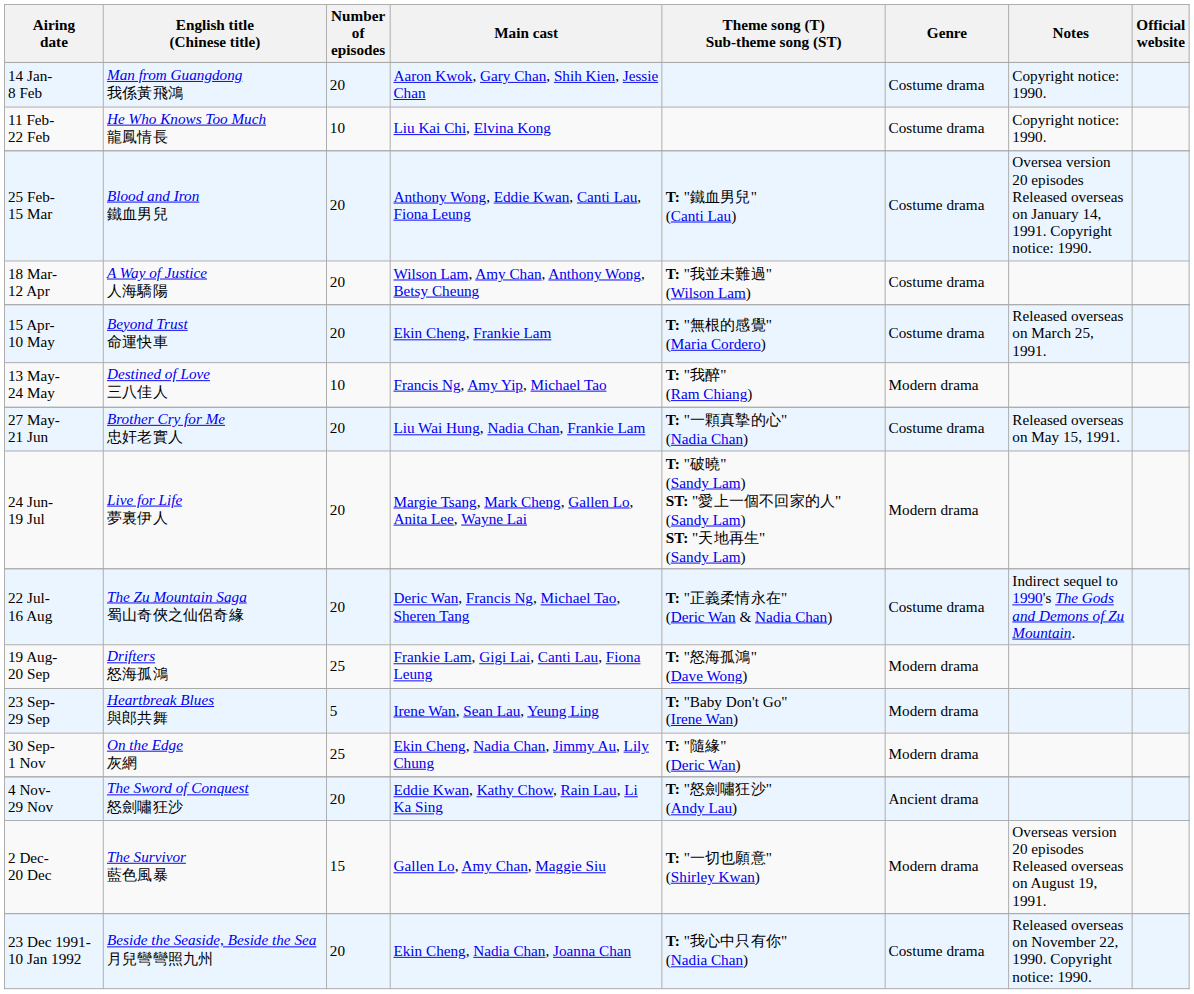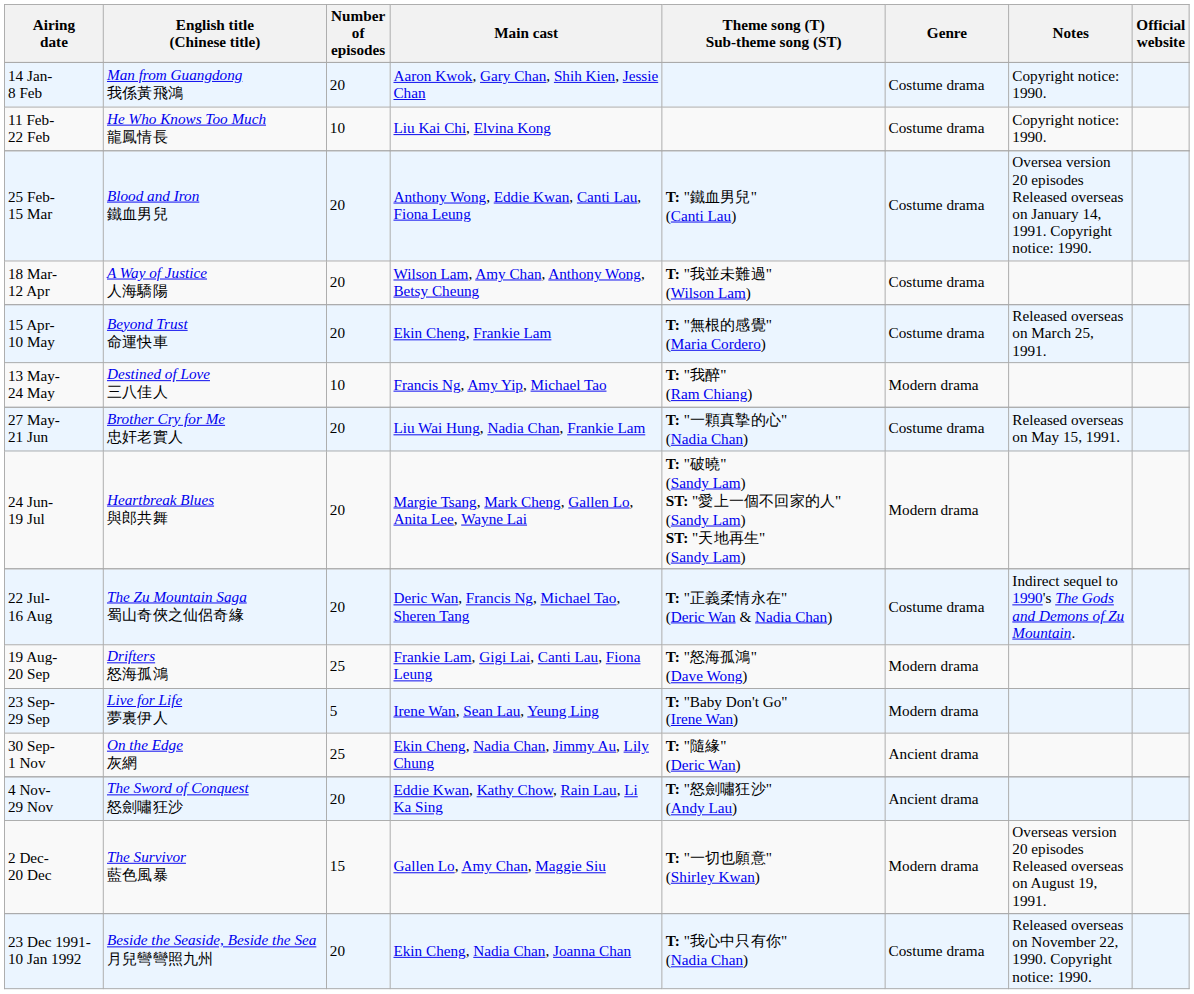 <table class="wikitable">
 <tr>
 <th align=center width=8% bgcolor="silver">Airing<br>date</th>
 <th align=center width=18% bgcolor="silver">English title <br> (Chinese title)</th>
 <th align=center width=5% bgcolor="silver">Number of episodes</th>
 <th align=center width=22% bgcolor="silver">Main cast</th>
 <th align=center width=18% bgcolor="silver">Theme song (T) <br>Sub-theme song (ST)</th>
 <th align=center width=10% bgcolor="silver">Genre</th>
 <th align=center width=10% bgcolor="silver">Notes</th>
 <th align=center width=1% bgcolor="silver">Official website</th>
 </tr>
 <tr>
 </tr>
 <tr ---- bgcolor="#ebf5ff">
 <td>14 Jan- <br> 8 Feb</td>
 <td><em><a href='#'>Man from Guangdong</a></em> <br> 我係黃飛鴻</td>
 <td>20</td>
 <td><a href='#'>Aaron Kwok</a>, <a href='#'>Gary Chan</a>, <a href='#'>Shih Kien</a>, <a href='#'>Jessie Chan</a></td>
 <td></td>
 <td>Costume drama</td>
 <td>Copyright notice: 1990.</td>
 <td></td>
 </tr>
 <tr>
 <td>11 Feb- <br> 22 Feb</td>
 <td><em><a href='#'>He Who Knows Too Much</a></em> <br> 龍鳳情長</td>
 <td>10</td>
 <td><a href='#'>Liu Kai Chi</a>, <a href='#'>Elvina Kong</a></td>
 <td></td>
 <td>Costume drama</td>
 <td>Copyright notice: 1990.</td>
 <td></td>
 </tr>
 <tr>
 </tr>
 <tr ---- bgcolor="#ebf5ff">
 <td>25 Feb- <br> 15 Mar</td>
 <td><em><a href='#'>Blood and Iron</a></em> <br> 鐵血男兒</td>
 <td>20</td>
 <td><a href='#'>Anthony Wong</a>, <a href='#'>Eddie Kwan</a>, <a href='#'>Canti Lau</a>, <a href='#'>Fiona Leung</a></td>
 <td><strong>T:</strong> "鐵血男兒" <br> (<a href='#'>Canti Lau</a>)</td>
 <td>Costume drama</td>
 <td>Oversea version 20 episodes Released overseas on January 14, 1991. Copyright notice: 1990.</td>
 <td></td>
 </tr>
 <tr>
 <td>18 Mar- <br> 12 Apr</td>
 <td><em><a href='#'>A Way of Justice</a></em> <br> 人海驕陽</td>
 <td>20</td>
 <td><a href='#'>Wilson Lam</a>, <a href='#'>Amy Chan</a>, <a href='#'>Anthony Wong</a>, <a href='#'>Betsy Cheung</a></td>
 <td><strong>T:</strong> "我並未難過" <br> (<a href='#'>Wilson Lam</a>)</td>
 <td>Costume drama</td>
 <td></td>
 <td></td>
 </tr>
 <tr>
 </tr>
 <tr ---- bgcolor="#ebf5ff">
 <td>15 Apr- <br> 10 May</td>
 <td><em><a href='#'>Beyond Trust</a></em> <br> 命運快車</td>
 <td>20</td>
 <td><a href='#'>Ekin Cheng</a>, <a href='#'>Frankie Lam</a></td>
 <td><strong>T:</strong> "無根的感覺" <br> (<a href='#'>Maria Cordero</a>)</td>
 <td>Costume drama</td>
 <td>Released overseas on March 25, 1991.</td>
 <td></td>
 </tr>
 <tr>
 <td>13 May- <br> 24 May</td>
 <td><em><a href='#'>Destined of Love</a></em> <br> 三八佳人</td>
 <td>10</td>
 <td><a href='#'>Francis Ng</a>, <a href='#'>Amy Yip</a>, <a href='#'>Michael Tao</a></td>
 <td><strong>T:</strong> "我醉" <br> (<a href='#'>Ram Chiang</a>)</td>
 <td>Modern drama</td>
 <td></td>
 <td></td>
 </tr>
 <tr>
 </tr>
 <tr ---- bgcolor="#ebf5ff">
 <td>27 May- <br> 21 Jun</td>
 <td><em><a href='#'>Brother Cry for Me</a></em> <br> 忠奸老實人</td>
 <td>20</td>
 <td><a href='#'>Liu Wai Hung</a>, <a href='#'>Nadia Chan</a>, <a href='#'>Frankie Lam</a></td>
 <td><strong>T:</strong> "一顆真摯的心" <br> (<a href='#'>Nadia Chan</a>)</td>
 <td>Costume drama</td>
 <td>Released overseas on May 15, 1991.</td>
 <td></td>
 </tr>
 <tr>
 <td>24 Jun- <br> 19 Jul</td>
-<td><em><a href='#'>Live for Life</a></em> <br> 夢裏伊人</td>
+<td><em><a href='#'>Heartbreak Blues</a></em> <br> 與郎共舞</td>
 <td>20</td>
 <td><a href='#'>Margie Tsang</a>, <a href='#'>Mark Cheng</a>, <a href='#'>Gallen Lo</a>, <a href='#'>Anita Lee</a>, <a href='#'>Wayne Lai</a></td>
 <td><strong>T:</strong> "破曉" <br> (<a href='#'>Sandy Lam</a>)<br><strong>ST:</strong> "愛上一個不回家的人" <br> (<a href='#'>Sandy Lam</a>) <br><strong>ST:</strong> "天地再生" <br> (<a href='#'>Sandy Lam</a>)</td>
 <td>Modern drama</td>
 <td></td>
 <td></td>
 </tr>
 <tr>
 </tr>
 <tr ---- bgcolor="#ebf5ff">
 <td>22 Jul- <br> 16 Aug</td>
 <td><em><a href='#'>The Zu Mountain Saga</a></em> <br> 蜀山奇俠之仙侶奇緣</td>
 <td>20</td>
 <td><a href='#'>Deric Wan</a>, <a href='#'>Francis Ng</a>, <a href='#'>Michael Tao</a>, <a href='#'>Sheren Tang</a></td>
 <td><strong>T:</strong> "正義柔情永在" <br> (<a href='#'>Deric Wan</a> & <a href='#'>Nadia Chan</a>)</td>
 <td>Costume drama</td>
 <td>Indirect sequel to <a href='#'>1990</a>'s <em><a href='#'>The Gods and Demons of Zu Mountain</a></em>.</td>
 <td></td>
 </tr>
 <tr>
 <td>19 Aug- <br> 20 Sep</td>
 <td><em><a href='#'>Drifters</a></em> <br> 怒海孤鴻</td>
 <td>25</td>
 <td><a href='#'>Frankie Lam</a>, <a href='#'>Gigi Lai</a>, <a href='#'>Canti Lau</a>, <a href='#'>Fiona Leung</a></td>
 <td><strong>T:</strong> "怒海孤鴻" <br> (<a href='#'>Dave Wong</a>)</td>
 <td>Modern drama</td>
 <td></td>
 <td></td>
 </tr>
 <tr>
 </tr>
 <tr ---- bgcolor="#ebf5ff">
 <td>23 Sep- <br> 29 Sep</td>
-<td><em><a href='#'>Heartbreak Blues</a></em> <br> 與郎共舞</td>
+<td><em><a href='#'>Live for Life</a></em> <br> 夢裏伊人</td>
 <td>5</td>
 <td><a href='#'>Irene Wan</a>, <a href='#'>Sean Lau</a>, <a href='#'>Yeung Ling</a></td>
 <td><strong>T:</strong> "Baby Don't Go" <br> (<a href='#'>Irene Wan</a>)</td>
 <td>Modern drama</td>
 <td></td>
 <td></td>
 </tr>
 <tr>
 <td>30 Sep- <br> 1 Nov</td>
 <td><em><a href='#'>On the Edge</a></em> <br> 灰網</td>
 <td>25</td>
 <td><a href='#'>Ekin Cheng</a>, <a href='#'>Nadia Chan</a>, <a href='#'>Jimmy Au</a>, <a href='#'>Lily Chung</a></td>
 <td><strong>T:</strong> "隨緣" <br> (<a href='#'>Deric Wan</a>)</td>
-<td>Modern drama</td>
+<td>Ancient drama</td>
 <td></td>
 <td></td>
 </tr>
 <tr>
 </tr>
 <tr ---- bgcolor="#ebf5ff">
 <td>4 Nov- <br> 29 Nov</td>
 <td><em><a href='#'>The Sword of Conquest</a></em> <br> 怒劍嘯狂沙</td>
 <td>20</td>
 <td><a href='#'>Eddie Kwan</a>, <a href='#'>Kathy Chow</a>, <a href='#'>Rain Lau</a>, <a href='#'>Li Ka Sing</a></td>
 <td><strong>T:</strong> "怒劍嘯狂沙" <br> (<a href='#'>Andy Lau</a>)</td>
 <td>Ancient drama</td>
 <td></td>
 <td></td>
 </tr>
 <tr>
 <td>2 Dec- <br> 20 Dec</td>
 <td><em><a href='#'>The Survivor</a></em> <br> 藍色風暴</td>
 <td>15</td>
 <td><a href='#'>Gallen Lo</a>, <a href='#'>Amy Chan</a>, <a href='#'>Maggie Siu</a></td>
 <td><strong>T:</strong> "一切也願意" <br> (<a href='#'>Shirley Kwan</a>)</td>
 <td>Modern drama</td>
 <td>Overseas version 20 episodes<br> Released overseas on August 19, 1991.</td>
 <td></td>
 </tr>
 <tr>
 </tr>
 <tr ---- bgcolor="#ebf5ff">
 <td>23 Dec 1991- <br> 10 Jan 1992</td>
 <td><em><a href='#'>Beside the Seaside, Beside the Sea</a></em> <br> 月兒彎彎照九州</td>
 <td>20</td>
 <td><a href='#'>Ekin Cheng</a>, <a href='#'>Nadia Chan</a>, <a href='#'>Joanna Chan</a></td>
 <td><strong>T:</strong> "我心中只有你" <br> (<a href='#'>Nadia Chan</a>)</td>
 <td>Costume drama</td>
 <td>Released overseas on November 22, 1990. Copyright notice: 1990.</td>
 <td></td>
 </tr>
 </table>
